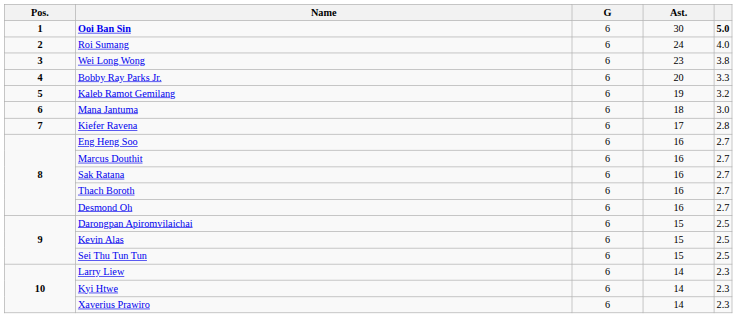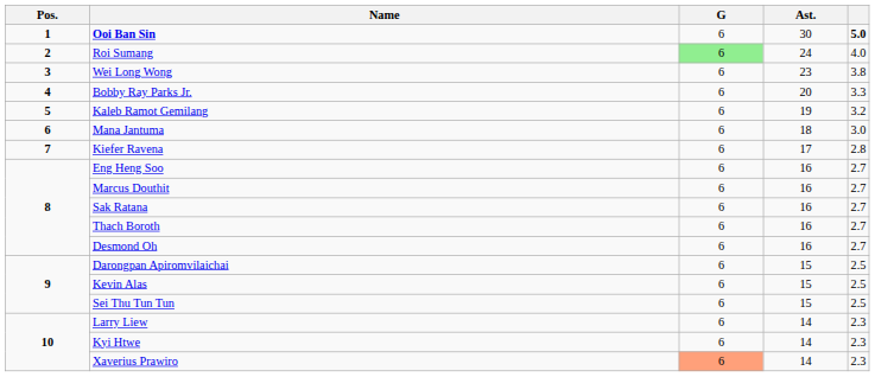 <table class="wikitable" style="width:90%;">
 <tr>
 <th style="width:10%;">Pos.</th>
 <th style="width:70%;">Name</th>
 <th style="width:10%;">G</th>
 <th style="width:10%;">Ast.</th>
 <th style="width:10%;"></th>
 </tr>
 <tr align=center>
 <td><strong>1</strong></td>
 <td align=left> <strong><a href='#'>Ooi Ban Sin</a></strong></td>
 <td>6</td>
 <td>30</td>
 <td><strong>5.0</strong></td>
 </tr>
 <tr align=center>
 <td><strong>2</strong></td>
 <td align=left> <a href='#'>Roi Sumang</a></td>
-<td>6</td>
+<td style="background: lightgreen;">6</td>
 <td>24</td>
 <td>4.0</td>
 </tr>
 <tr align=center>
 <td><strong>3</strong></td>
 <td align=left> <a href='#'>Wei Long Wong</a></td>
 <td>6</td>
 <td>23</td>
 <td>3.8</td>
 </tr>
 <tr align=center>
 <td><strong>4</strong></td>
 <td align=left> <a href='#'>Bobby Ray Parks Jr.</a></td>
 <td>6</td>
 <td>20</td>
 <td>3.3</td>
 </tr>
 <tr align=center>
 <td><strong>5</strong></td>
 <td align=left> <a href='#'>Kaleb Ramot Gemilang</a></td>
 <td>6</td>
 <td>19</td>
 <td>3.2</td>
 </tr>
 <tr align=center>
 <td><strong>6</strong></td>
 <td align=left> <a href='#'>Mana Jantuma</a></td>
 <td>6</td>
 <td>18</td>
 <td>3.0</td>
 </tr>
 <tr align=center>
 <td><strong>7</strong></td>
 <td align=left> <a href='#'>Kiefer Ravena</a></td>
 <td>6</td>
 <td>17</td>
 <td>2.8</td>
 </tr>
 <tr align=center>
 <td rowspan=5><strong>8</strong></td>
 <td align=left> <a href='#'>Eng Heng Soo</a></td>
 <td>6</td>
 <td>16</td>
 <td>2.7</td>
 </tr>
 <tr align=center>
 <td align=left> <a href='#'>Marcus Douthit</a></td>
 <td>6</td>
 <td>16</td>
 <td>2.7</td>
 </tr>
 <tr align=center>
 <td align=left> <a href='#'>Sak Ratana</a></td>
 <td>6</td>
 <td>16</td>
 <td>2.7</td>
 </tr>
 <tr align=center>
 <td align=left> <a href='#'>Thach Boroth</a></td>
 <td>6</td>
 <td>16</td>
 <td>2.7</td>
 </tr>
 <tr align=center>
 <td align=left> <a href='#'>Desmond Oh</a></td>
 <td>6</td>
 <td>16</td>
 <td>2.7</td>
 </tr>
 <tr align=center>
 <td rowspan=3><strong>9</strong></td>
 <td align=left> <a href='#'>Darongpan Apiromvilaichai</a></td>
 <td>6</td>
 <td>15</td>
 <td>2.5</td>
 </tr>
 <tr align=center>
 <td align=left> <a href='#'>Kevin Alas</a></td>
 <td>6</td>
 <td>15</td>
 <td>2.5</td>
 </tr>
 <tr align=center>
 <td align=left> <a href='#'>Sei Thu Tun Tun</a></td>
 <td>6</td>
 <td>15</td>
 <td>2.5</td>
 </tr>
 <tr align=center>
 <td rowspan=3><strong>10</strong></td>
 <td align=left> <a href='#'>Larry Liew</a></td>
 <td>6</td>
 <td>14</td>
 <td>2.3</td>
 </tr>
 <tr align=center>
 <td align=left> <a href='#'>Kyi Htwe</a></td>
 <td>6</td>
 <td>14</td>
 <td>2.3</td>
 </tr>
 <tr align=center>
 <td align=left> <a href='#'>Xaverius Prawiro</a></td>
-<td>6</td>
+<td style="background: lightsalmon;">6</td>
 <td>14</td>
 <td>2.3</td>
 </tr>
 </table>
